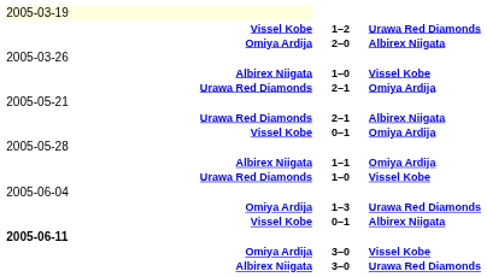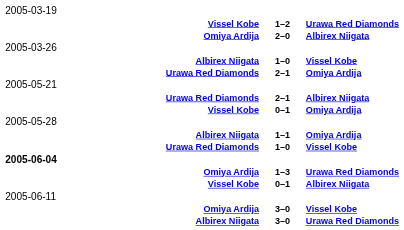 <table width=100% cellspacing=1>
 <tr>
 <th></th>
 <th></th>
 <th></th>
 </tr>
 <tr>
-<td style="background: lightyellow;">2005-03-19</td>
+<td>2005-03-19</td>
 </tr>
 <tr style=font-size:90%>
 <td align=right><strong><a href='#'>Vissel Kobe</a></strong></td>
 <td align=center><strong>1–2</strong></td>
 <td><strong><a href='#'>Urawa Red Diamonds</a></strong></td>
 </tr>
 <tr style=font-size:90%>
 <td align=right><strong><a href='#'>Omiya Ardija</a></strong></td>
 <td align=center><strong>2–0</strong></td>
 <td><strong><a href='#'>Albirex Niigata</a></strong></td>
 </tr>
 <tr>
 <td>2005-03-26</td>
 </tr>
 <tr style=font-size:90%>
 <td align=right><strong><a href='#'>Albirex Niigata</a></strong></td>
 <td align=center><strong>1–0</strong></td>
 <td><strong><a href='#'>Vissel Kobe</a></strong></td>
 </tr>
 <tr style=font-size:90%>
 <td align=right><strong><a href='#'>Urawa Red Diamonds</a></strong></td>
 <td align=center><strong>2–1</strong></td>
 <td><strong><a href='#'>Omiya Ardija</a></strong></td>
 </tr>
 <tr>
 <td>2005-05-21</td>
 </tr>
 <tr style=font-size:90%>
 <td align=right><strong><a href='#'>Urawa Red Diamonds</a></strong></td>
 <td align=center><strong>2–1</strong></td>
 <td><strong><a href='#'>Albirex Niigata</a></strong></td>
 </tr>
 <tr style=font-size:90%>
 <td align=right><strong><a href='#'>Vissel Kobe</a></strong></td>
 <td align=center><strong>0–1</strong></td>
 <td><strong><a href='#'>Omiya Ardija</a></strong></td>
 </tr>
 <tr>
 <td>2005-05-28</td>
 </tr>
 <tr style=font-size:90%>
 <td align=right><strong><a href='#'>Albirex Niigata</a></strong></td>
 <td align=center><strong>1–1</strong></td>
 <td><strong><a href='#'>Omiya Ardija</a></strong></td>
 </tr>
 <tr style=font-size:90%>
 <td align=right><strong><a href='#'>Urawa Red Diamonds</a></strong></td>
 <td align=center><strong>1–0</strong></td>
 <td><strong><a href='#'>Vissel Kobe</a></strong></td>
 </tr>
 <tr>
-<td>2005-06-04</td>
+<td><strong>2005-06-04</strong></td>
 </tr>
 <tr style=font-size:90%>
 <td align=right><strong><a href='#'>Omiya Ardija</a></strong></td>
 <td align=center><strong>1–3</strong></td>
 <td><strong><a href='#'>Urawa Red Diamonds</a></strong></td>
 </tr>
 <tr style=font-size:90%>
 <td align=right><strong><a href='#'>Vissel Kobe</a></strong></td>
 <td align=center><strong>0–1</strong></td>
 <td><strong><a href='#'>Albirex Niigata</a></strong></td>
 </tr>
 <tr>
-<td><strong>2005-06-11</strong></td>
+<td>2005-06-11</td>
 </tr>
 <tr style=font-size:90%>
 <td align=right><strong><a href='#'>Omiya Ardija</a></strong></td>
 <td align=center><strong>3–0</strong></td>
 <td><strong><a href='#'>Vissel Kobe</a></strong></td>
 </tr>
 <tr style=font-size:90%>
 <td align=right><strong><a href='#'>Albirex Niigata</a></strong></td>
 <td align=center><strong>3–0</strong></td>
 <td><strong><a href='#'>Urawa Red Diamonds</a></strong></td>
 </tr>
 </table>
